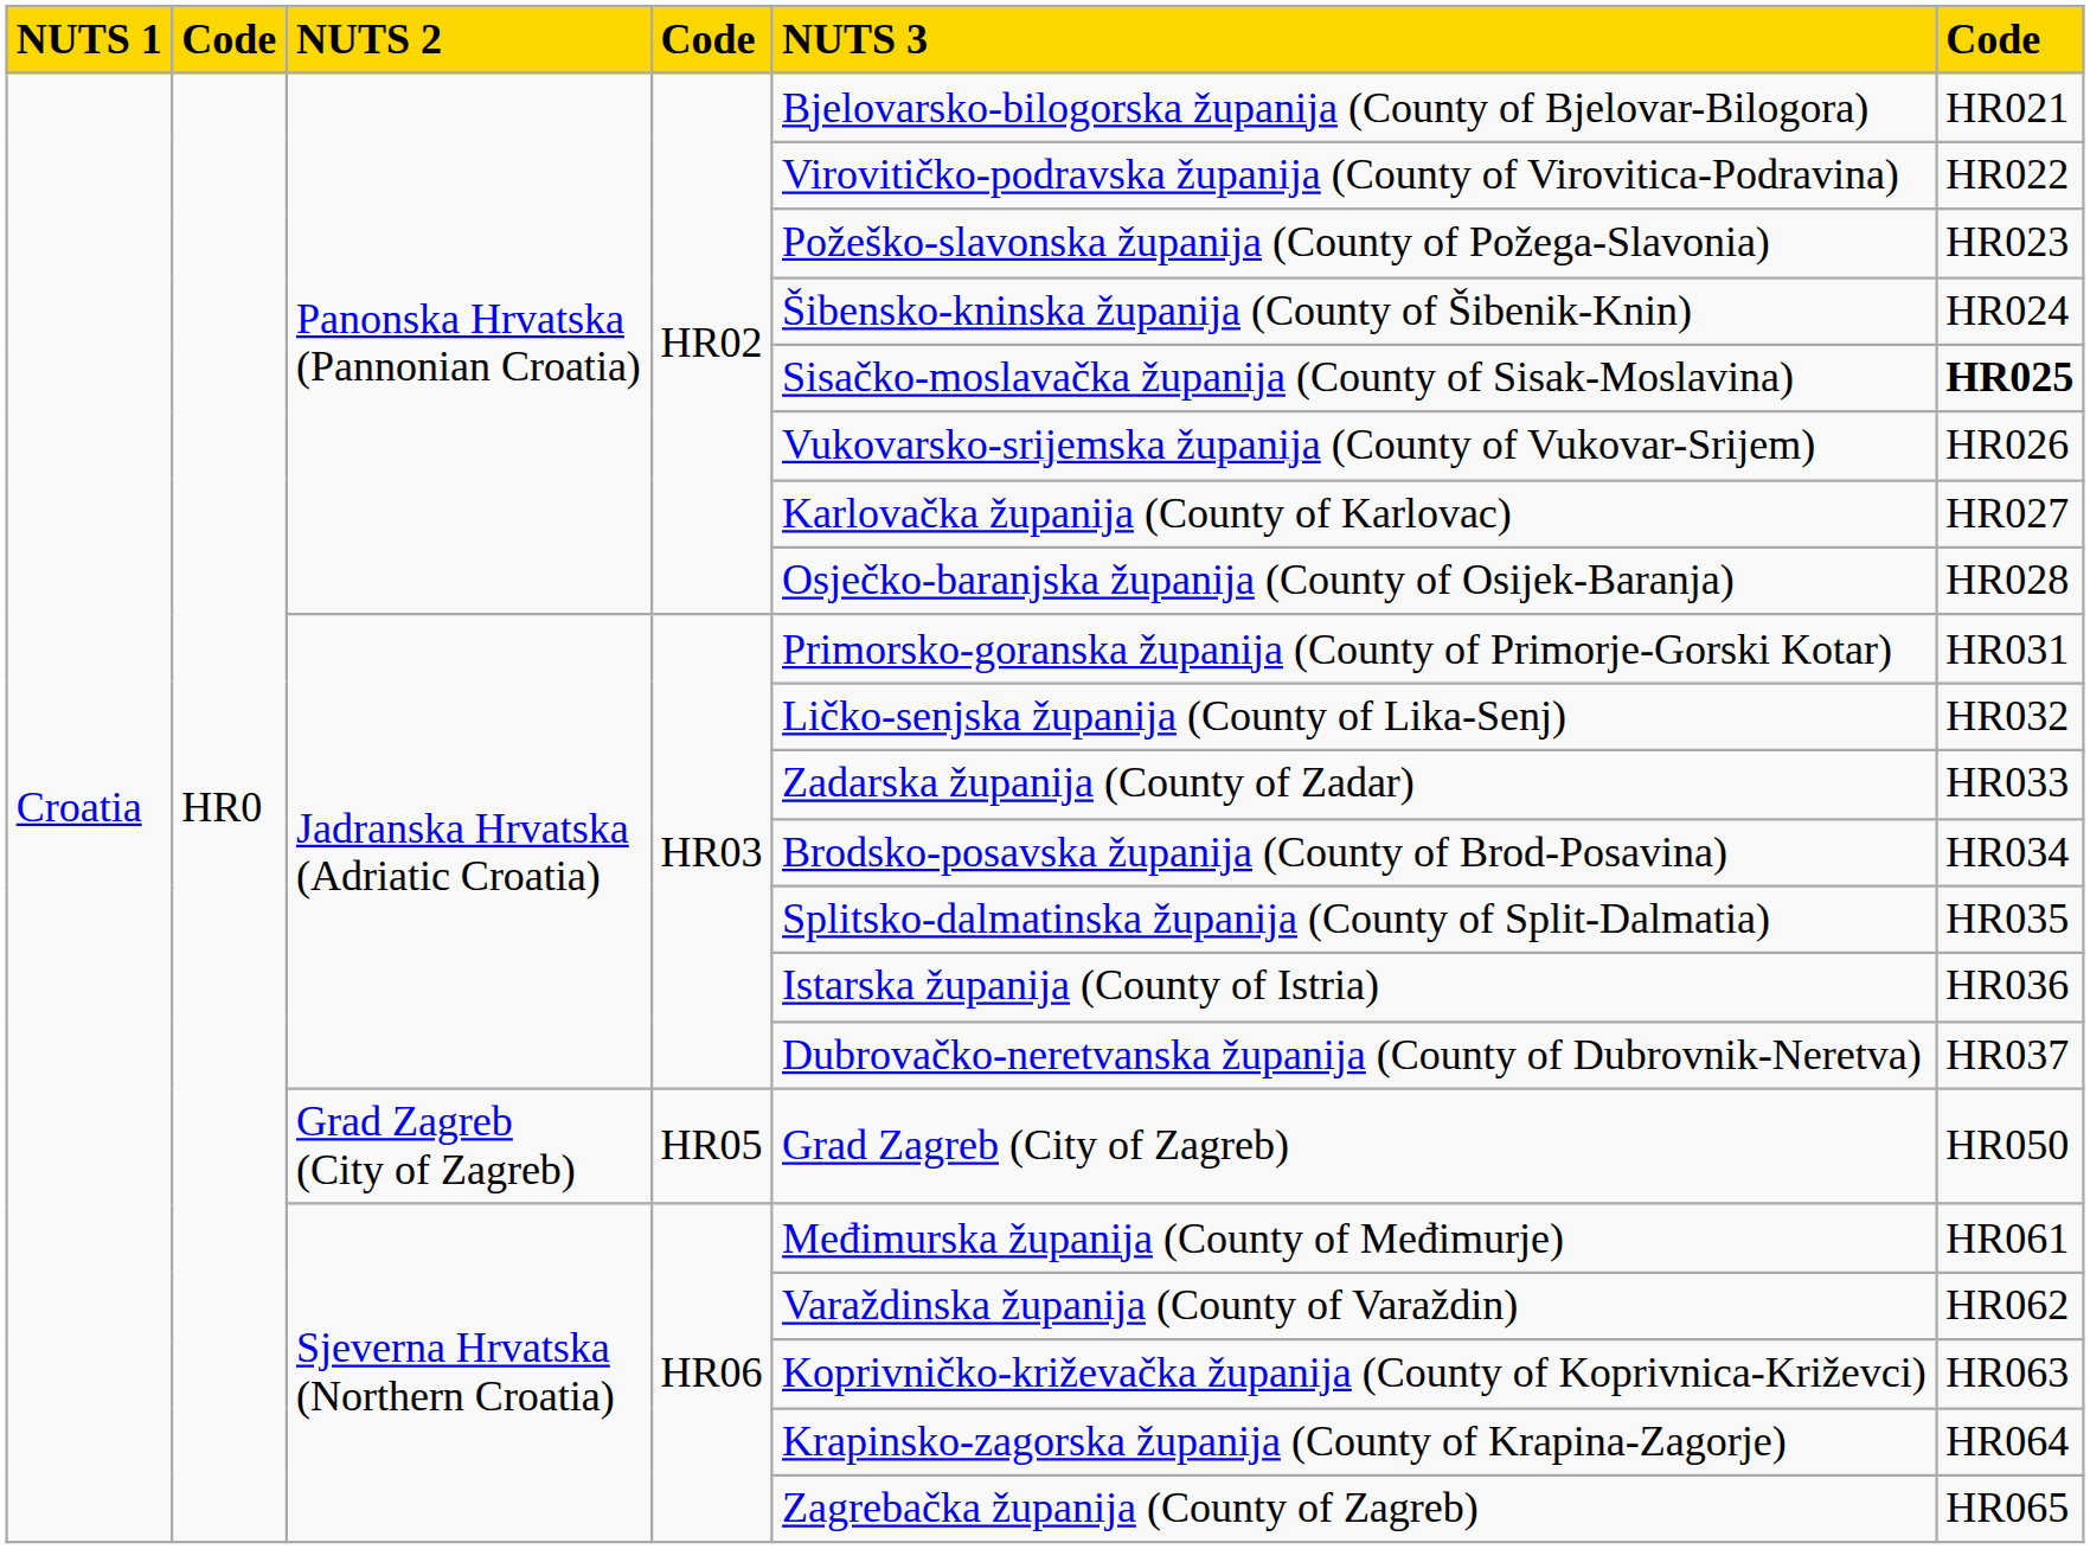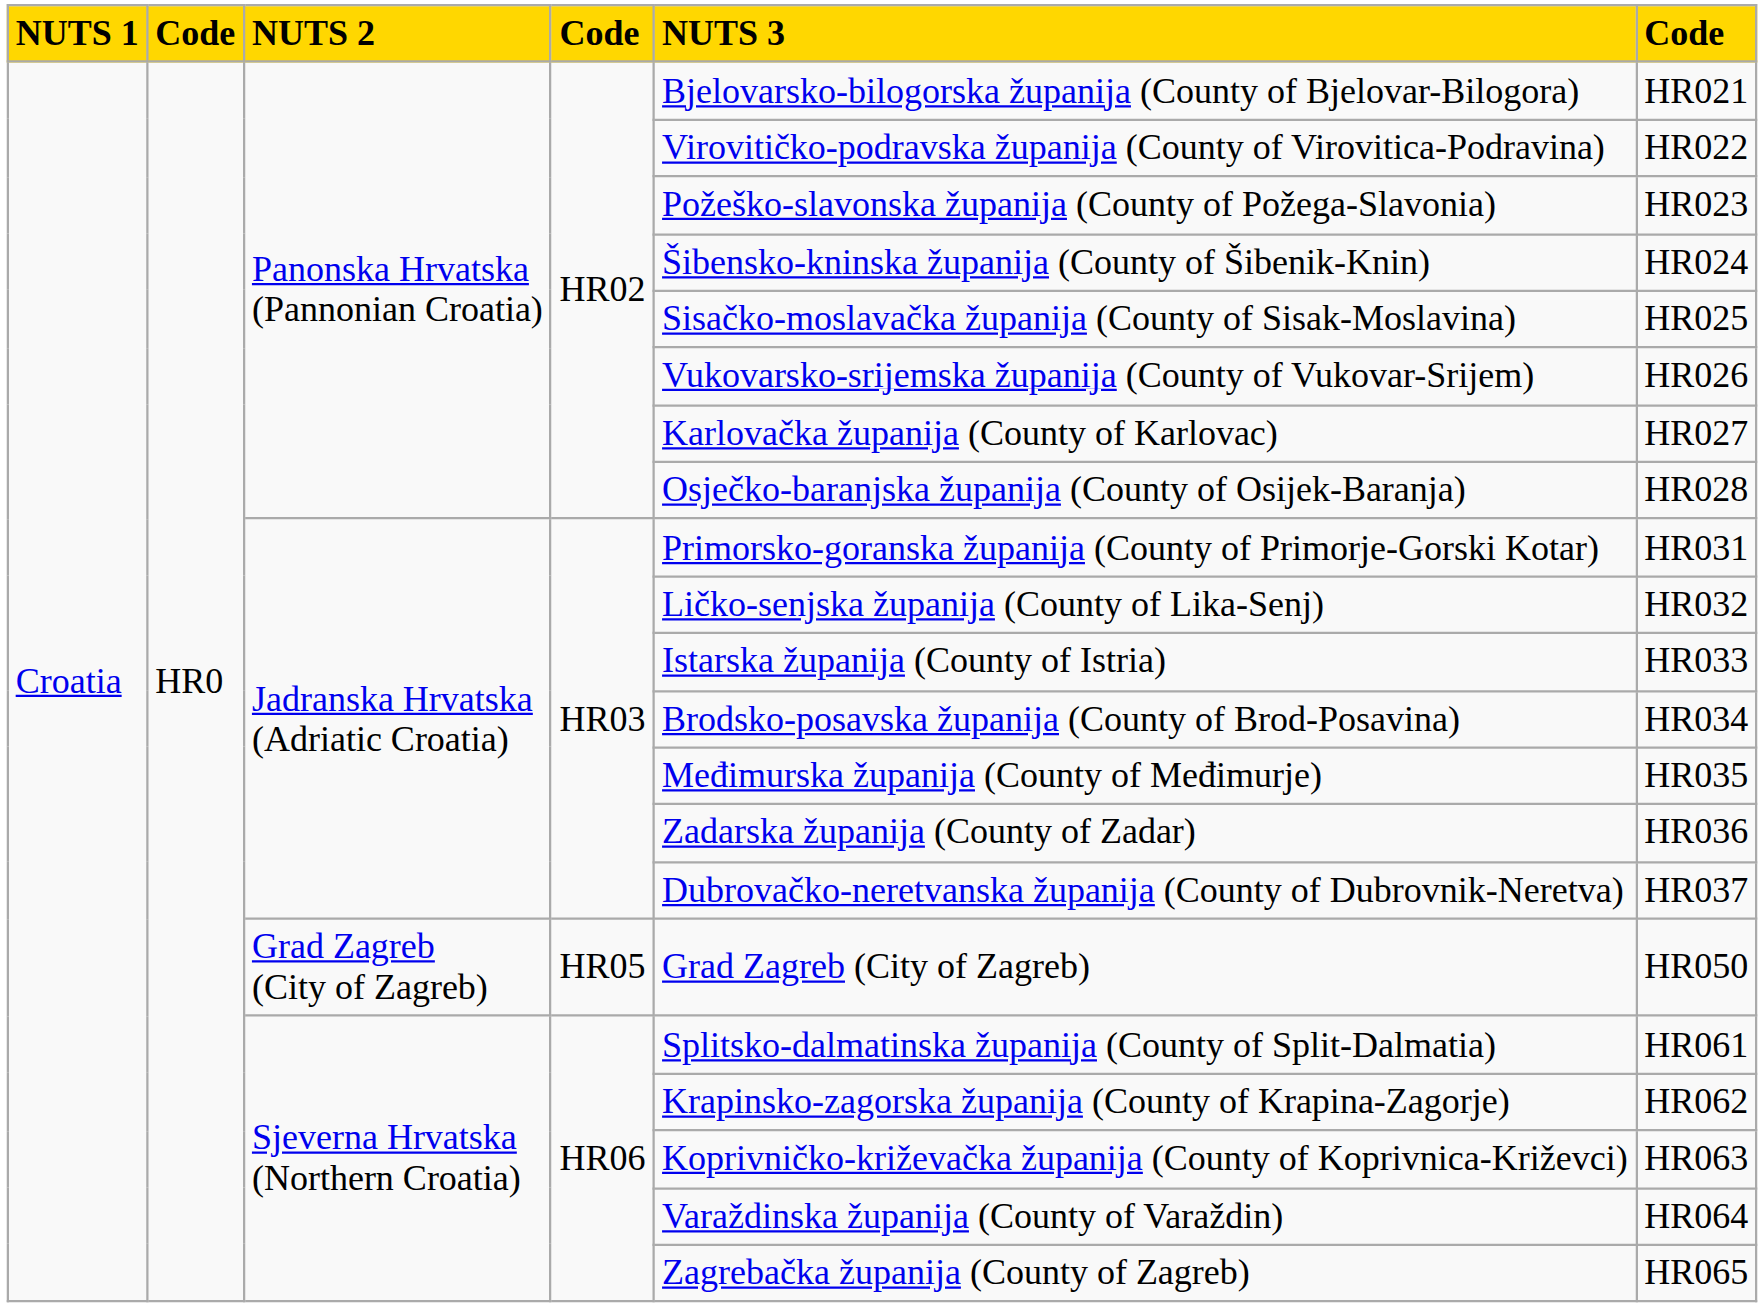 <table class="wikitable" style="margin:1em auto;">
 <tr>
 <th style="background-color:#ffd700;text-align:left;">NUTS 1</th>
 <th style="background-color:#ffd700;text-align:left;">Code</th>
 <th style="background-color:#ffd700;text-align:left;">NUTS 2</th>
 <th style="background-color:#ffd700;text-align:left;">Code</th>
 <th style="background-color:#ffd700;text-align:left;">NUTS 3</th>
 <th style="background-color:#ffd700;text-align:left;">Code</th>
 </tr>
 <tr>
 <td rowspan=21><a href='#'>Croatia</a></td>
 <td rowspan=21>HR0</td>
 <td rowspan=8><a href='#'>Panonska Hrvatska</a><br>(Pannonian Croatia)</td>
 <td rowspan=8>HR02</td>
 <td><a href='#'>Bjelovarsko-bilogorska županija</a> (County of Bjelovar-Bilogora)</td>
 <td>HR021</td>
 </tr>
 <tr>
 <td><a href='#'>Virovitičko-podravska županija</a> (County of Virovitica-Podravina)</td>
 <td>HR022</td>
 </tr>
 <tr>
 <td><a href='#'>Požeško-slavonska županija</a> (County of Požega-Slavonia)</td>
 <td>HR023</td>
 </tr>
 <tr>
 <td><a href='#'>Šibensko-kninska županija</a> (County of Šibenik-Knin)</td>
 <td>HR024</td>
 </tr>
 <tr>
 <td><a href='#'>Sisačko-moslavačka županija</a> (County of Sisak-Moslavina)</td>
-<td><strong>HR025</strong></td>
+<td>HR025</td>
 </tr>
 <tr>
 <td><a href='#'>Vukovarsko-srijemska županija</a> (County of Vukovar-Srijem)</td>
 <td>HR026</td>
 </tr>
 <tr>
 <td><a href='#'>Karlovačka županija</a> (County of Karlovac)</td>
 <td>HR027</td>
 </tr>
 <tr>
 <td><a href='#'>Osječko-baranjska županija</a> (County of Osijek-Baranja)</td>
 <td>HR028</td>
 </tr>
 <tr>
 <td rowspan=7><a href='#'>Jadranska Hrvatska</a><br>(Adriatic Croatia)</td>
 <td rowspan=7>HR03</td>
 <td><a href='#'>Primorsko-goranska županija</a> (County of Primorje-Gorski Kotar)</td>
 <td>HR031</td>
 </tr>
 <tr>
 <td><a href='#'>Ličko-senjska županija</a> (County of Lika-Senj)</td>
 <td>HR032</td>
 </tr>
 <tr>
-<td><a href='#'>Zadarska županija</a> (County of Zadar)</td>
+<td><a href='#'>Istarska županija</a> (County of Istria)</td>
 <td>HR033</td>
 </tr>
 <tr>
 <td><a href='#'>Brodsko-posavska županija</a> (County of Brod-Posavina)</td>
 <td>HR034</td>
 </tr>
 <tr>
-<td><a href='#'>Splitsko-dalmatinska županija</a> (County of Split-Dalmatia)</td>
+<td><a href='#'>Međimurska županija</a> (County of Međimurje)</td>
 <td>HR035</td>
 </tr>
 <tr>
-<td><a href='#'>Istarska županija</a> (County of Istria)</td>
+<td><a href='#'>Zadarska županija</a> (County of Zadar)</td>
 <td>HR036</td>
 </tr>
 <tr>
 <td><a href='#'>Dubrovačko-neretvanska županija</a> (County of Dubrovnik-Neretva)</td>
 <td>HR037</td>
 </tr>
 <tr>
 <td><a href='#'>Grad Zagreb</a><br>(City of Zagreb)</td>
 <td>HR05</td>
 <td><a href='#'>Grad Zagreb</a> (City of Zagreb)</td>
 <td>HR050</td>
 </tr>
 <tr>
 <td rowspan=5><a href='#'>Sjeverna Hrvatska</a><br>(Northern Croatia)</td>
 <td rowspan=5>HR06</td>
-<td><a href='#'>Međimurska županija</a> (County of Međimurje)</td>
+<td><a href='#'>Splitsko-dalmatinska županija</a> (County of Split-Dalmatia)</td>
 <td>HR061</td>
 </tr>
 <tr>
-<td><a href='#'>Varaždinska županija</a> (County of Varaždin)</td>
+<td><a href='#'>Krapinsko-zagorska županija</a> (County of Krapina-Zagorje)</td>
 <td>HR062</td>
 </tr>
 <tr>
 <td><a href='#'>Koprivničko-križevačka županija</a> (County of Koprivnica-Križevci)</td>
 <td>HR063</td>
 </tr>
 <tr>
-<td><a href='#'>Krapinsko-zagorska županija</a> (County of Krapina-Zagorje)</td>
+<td><a href='#'>Varaždinska županija</a> (County of Varaždin)</td>
 <td>HR064</td>
 </tr>
 <tr>
 <td><a href='#'>Zagrebačka županija</a> (County of Zagreb)</td>
 <td>HR065</td>
 </tr>
 </table>
